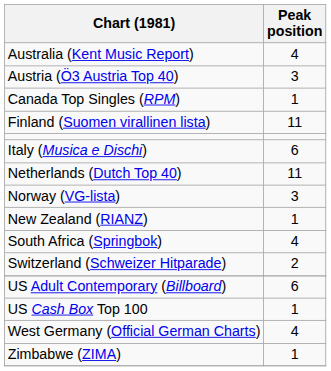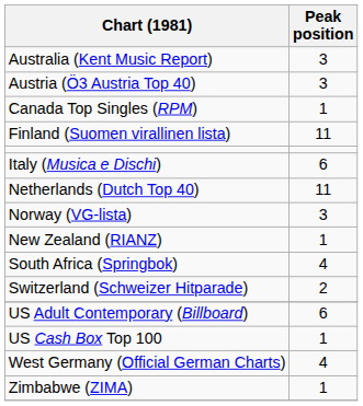 <table class="wikitable plainrowheaders sortable">
 <tr>
 <th align="left">Chart (1981)</th>
 <th align="left">Peak<br>position</th>
 </tr>
 <tr>
 <td>Australia (<a href='#'>Kent Music Report</a>)</td>
-<td align="center">4</td>
+<td align="center">3</td>
 </tr>
 <tr>
 <td>Austria (<a href='#'>Ö3 Austria Top 40</a>)</td>
 <td align="center">3</td>
 </tr>
 <tr>
 <td>Canada Top Singles (<em><a href='#'>RPM</a></em>)</td>
 <td align="center">1</td>
 </tr>
 <tr>
 <td>Finland (<a href='#'>Suomen virallinen lista</a>)</td>
 <td align="center">11</td>
 </tr>
 <tr>
 <td></td>
 </tr>
 <tr>
 <td>Italy (<em><a href='#'>Musica e Dischi</a></em>)</td>
 <td align="center">6</td>
 </tr>
 <tr>
 <td>Netherlands (<a href='#'>Dutch Top 40</a>)</td>
 <td align="center">11</td>
 </tr>
 <tr>
 <td>Norway (<a href='#'>VG-lista</a>)</td>
 <td align="center">3</td>
 </tr>
 <tr>
 <td>New Zealand (<a href='#'>RIANZ</a>)</td>
 <td align="center">1</td>
 </tr>
 <tr>
 <td>South Africa (<a href='#'>Springbok</a>)</td>
 <td align="center">4</td>
 </tr>
 <tr>
 <td>Switzerland (<a href='#'>Schweizer Hitparade</a>)</td>
 <td align="center">2</td>
 </tr>
 <tr>
 </tr>
 <tr>
 </tr>
 <tr>
 <td>US <a href='#'>Adult Contemporary</a> (<em><a href='#'>Billboard</a></em>)</td>
 <td align="center">6</td>
 </tr>
 <tr>
 <td>US <em><a href='#'>Cash Box</a></em> Top 100</td>
 <td align="center">1</td>
 </tr>
 <tr>
 <td>West Germany (<a href='#'>Official German Charts</a>)</td>
 <td align="center">4</td>
 </tr>
 <tr>
 <td>Zimbabwe (<a href='#'>ZIMA</a>)</td>
 <td align="center">1</td>
 </tr>
 <tr>
 </tr>
 </table>
